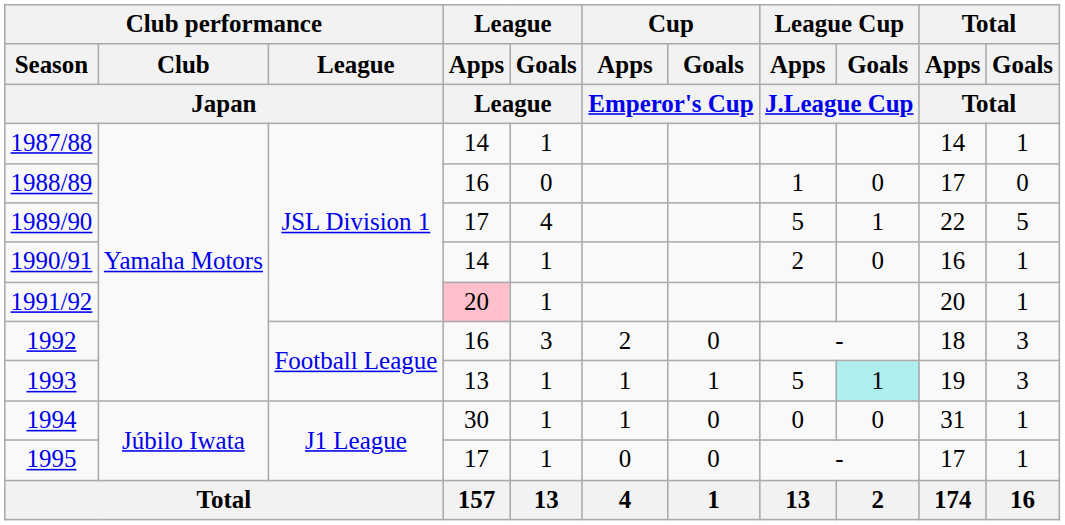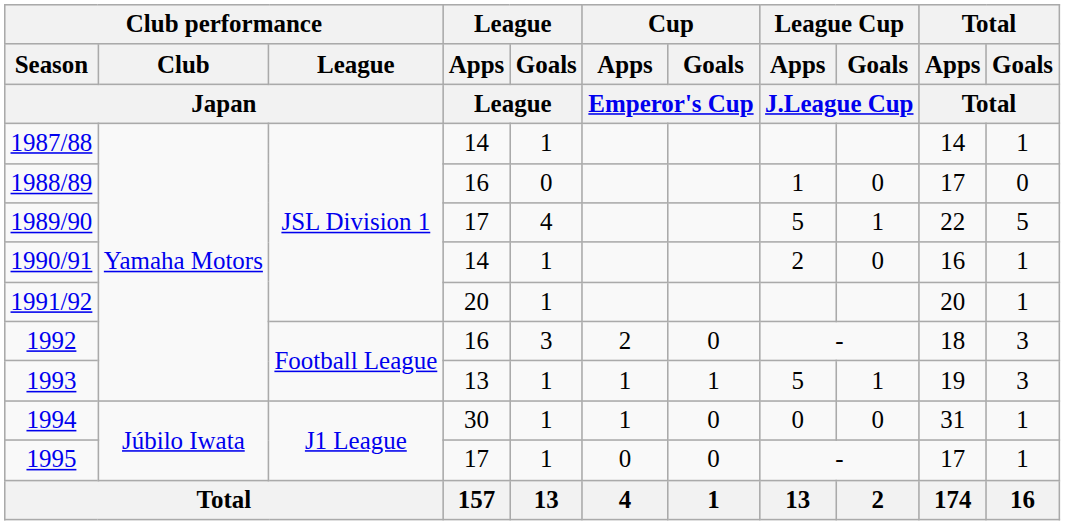 <table class="wikitable" style="text-align:center;">
 <tr>
 <th colspan=3>Club performance</th>
 <th colspan=2>League</th>
 <th colspan=2>Cup</th>
 <th colspan=2>League Cup</th>
 <th colspan=2>Total</th>
 </tr>
 <tr>
 <th>Season</th>
 <th>Club</th>
 <th>League</th>
 <th>Apps</th>
 <th>Goals</th>
 <th>Apps</th>
 <th>Goals</th>
 <th>Apps</th>
 <th>Goals</th>
 <th>Apps</th>
 <th>Goals</th>
 </tr>
 <tr>
 <th colspan=3>Japan</th>
 <th colspan=2>League</th>
 <th colspan=2><a href='#'>Emperor's Cup</a></th>
 <th colspan=2><a href='#'>J.League Cup</a></th>
 <th colspan=2>Total</th>
 </tr>
 <tr>
 <td><a href='#'>1987/88</a></td>
 <td rowspan="7"><a href='#'>Yamaha Motors</a></td>
 <td rowspan="5"><a href='#'>JSL Division 1</a></td>
 <td>14</td>
 <td>1</td>
 <td></td>
 <td></td>
 <td></td>
 <td></td>
 <td>14</td>
 <td>1</td>
 </tr>
 <tr>
 <td><a href='#'>1988/89</a></td>
 <td>16</td>
 <td>0</td>
 <td></td>
 <td></td>
 <td>1</td>
 <td>0</td>
 <td>17</td>
 <td>0</td>
 </tr>
 <tr>
 <td><a href='#'>1989/90</a></td>
 <td>17</td>
 <td>4</td>
 <td></td>
 <td></td>
 <td>5</td>
 <td>1</td>
 <td>22</td>
 <td>5</td>
 </tr>
 <tr>
 <td><a href='#'>1990/91</a></td>
 <td>14</td>
 <td>1</td>
 <td></td>
 <td></td>
 <td>2</td>
 <td>0</td>
 <td>16</td>
 <td>1</td>
 </tr>
 <tr>
 <td><a href='#'>1991/92</a></td>
-<td style="background: pink;">20</td>
+<td>20</td>
 <td>1</td>
 <td></td>
 <td></td>
 <td></td>
 <td></td>
 <td>20</td>
 <td>1</td>
 </tr>
 <tr>
 <td><a href='#'>1992</a></td>
 <td rowspan="2"><a href='#'>Football League</a></td>
 <td>16</td>
 <td>3</td>
 <td>2</td>
 <td>0</td>
 <td colspan="2">-</td>
 <td>18</td>
 <td>3</td>
 </tr>
 <tr>
 <td><a href='#'>1993</a></td>
 <td>13</td>
 <td>1</td>
 <td>1</td>
 <td>1</td>
 <td>5</td>
-<td style="background: paleturquoise;">1</td>
+<td>1</td>
 <td>19</td>
 <td>3</td>
 </tr>
 <tr>
 <td><a href='#'>1994</a></td>
 <td rowspan=2><a href='#'>Júbilo Iwata</a></td>
 <td rowspan=2><a href='#'>J1 League</a></td>
 <td>30</td>
 <td>1</td>
 <td>1</td>
 <td>0</td>
 <td>0</td>
 <td>0</td>
 <td>31</td>
 <td>1</td>
 </tr>
 <tr>
 <td><a href='#'>1995</a></td>
 <td>17</td>
 <td>1</td>
 <td>0</td>
 <td>0</td>
 <td colspan=2>-</td>
 <td>17</td>
 <td>1</td>
 </tr>
 <tr>
 <th colspan=3>Total</th>
 <th>157</th>
 <th>13</th>
 <th>4</th>
 <th>1</th>
 <th>13</th>
 <th>2</th>
 <th>174</th>
 <th>16</th>
 </tr>
 </table>
